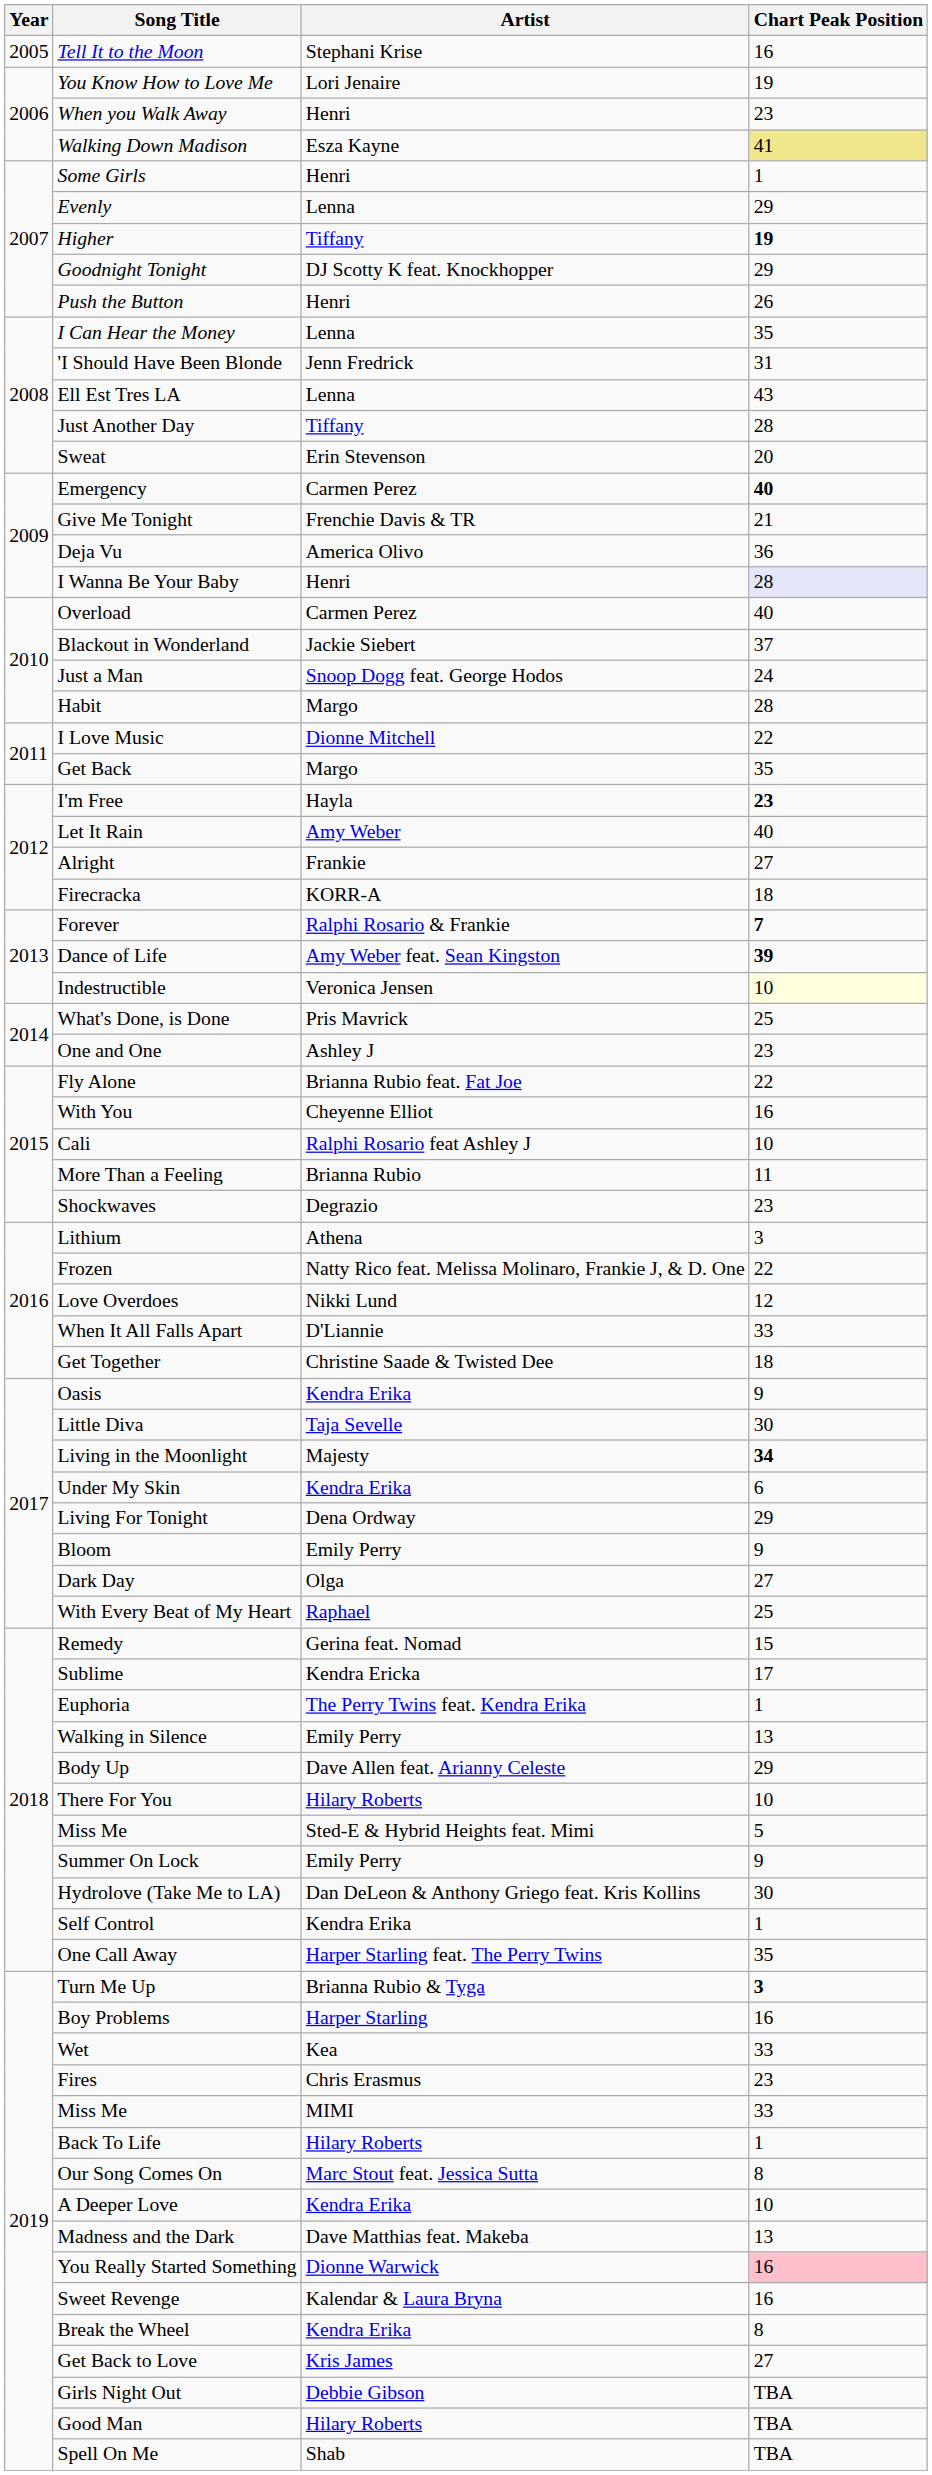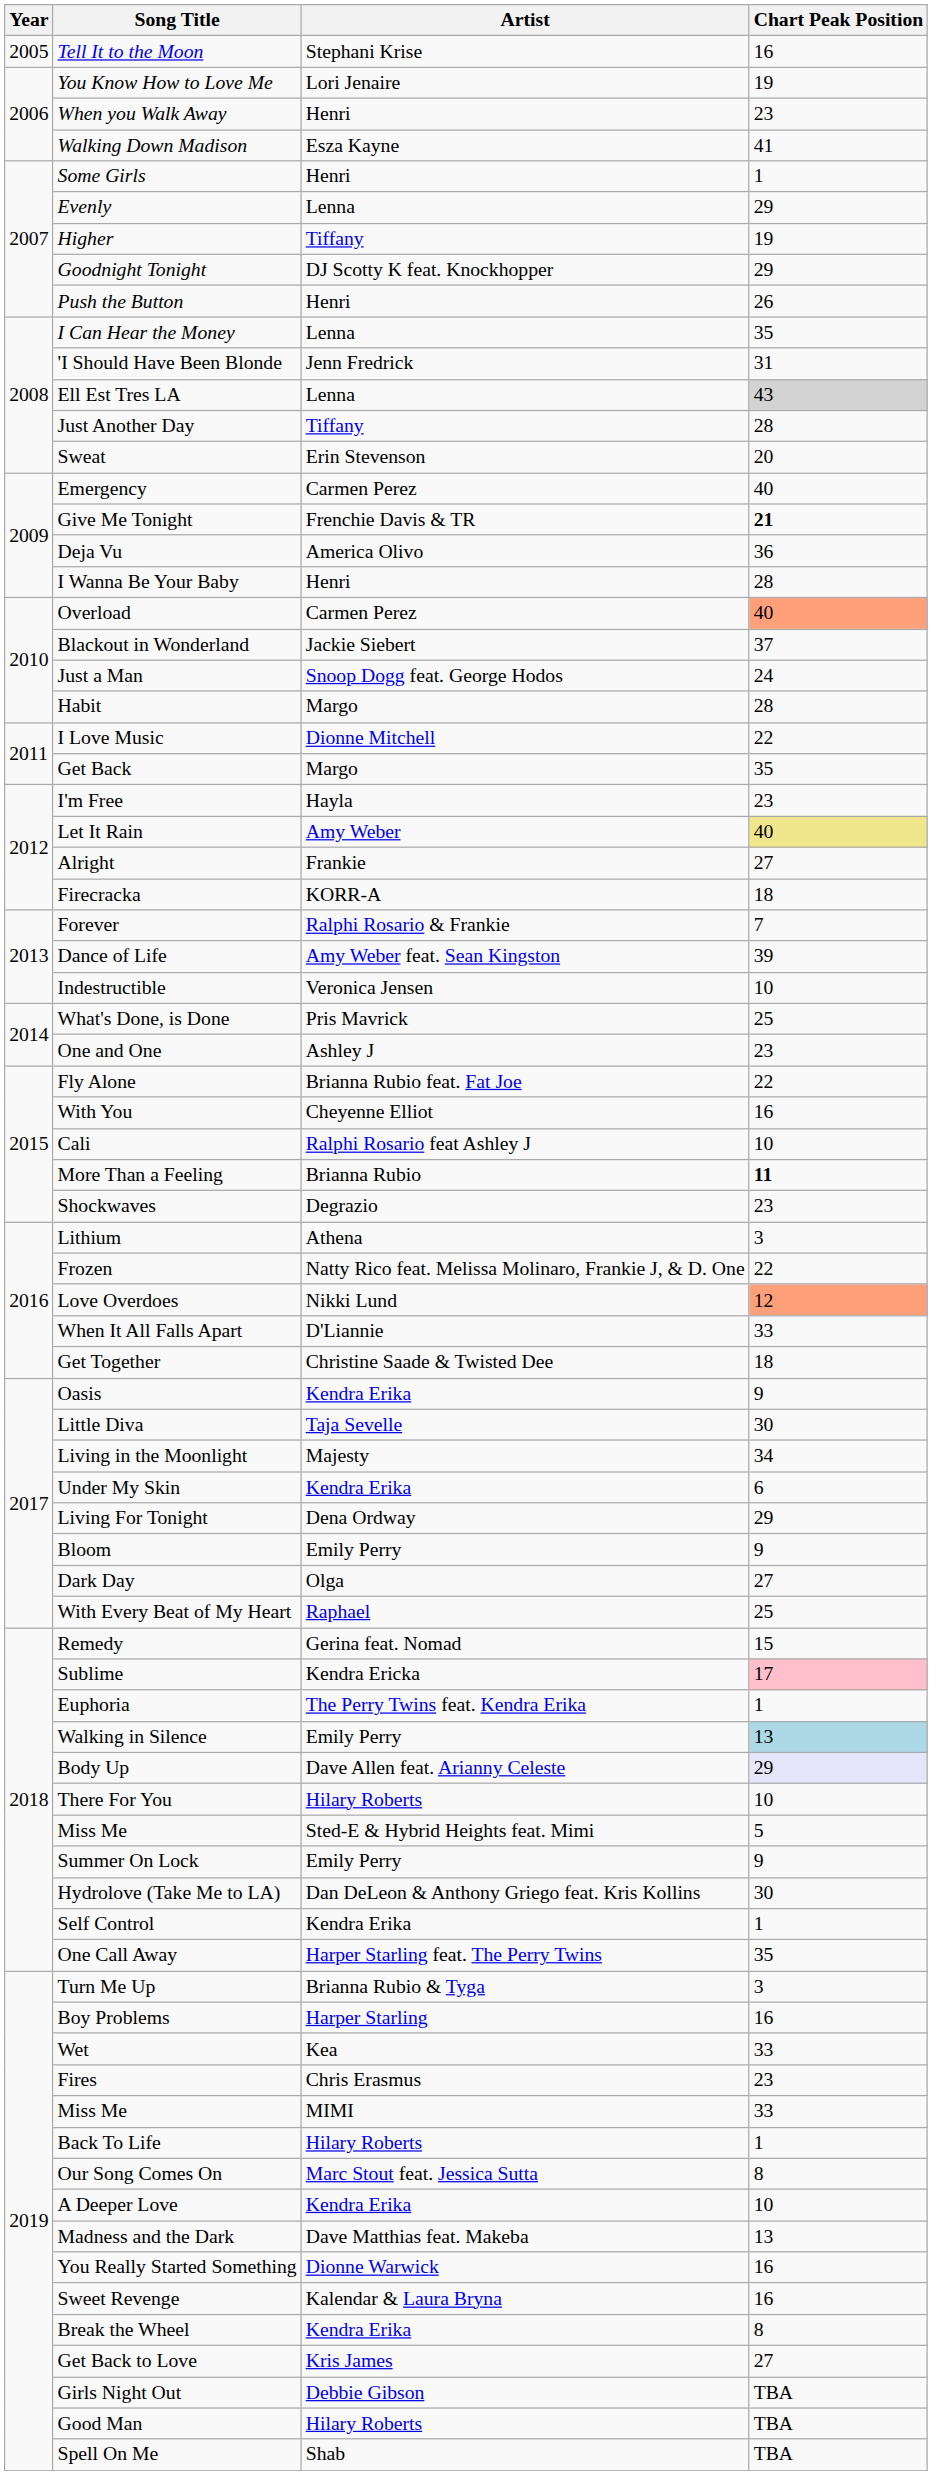 <table class="wikitable sortable">
 <tr>
 <th>Year</th>
 <th>Song Title</th>
 <th>Artist</th>
 <th>Chart Peak Position</th>
 </tr>
 <tr>
 <td>2005</td>
 <td><em><a href='#'>Tell It to the Moon</a></em></td>
 <td>Stephani Krise</td>
 <td>16</td>
 </tr>
 <tr>
 <td rowspan="3">2006</td>
 <td><em> You Know How to Love Me </em></td>
 <td>Lori Jenaire</td>
 <td>19</td>
 </tr>
 <tr>
 <td><em> When you Walk Away</em></td>
 <td>Henri</td>
 <td>23</td>
 </tr>
 <tr>
 <td><em>Walking Down Madison </em></td>
 <td>Esza Kayne</td>
-<td style="background: khaki;">41</td>
+<td>41</td>
 </tr>
 <tr>
 <td rowspan="5">2007</td>
 <td><em>Some Girls</em></td>
 <td>Henri</td>
 <td>1</td>
 </tr>
 <tr>
 <td><em>Evenly</em></td>
 <td>Lenna</td>
 <td>29</td>
 </tr>
 <tr>
 <td><em>Higher</em></td>
 <td><a href='#'>Tiffany</a></td>
-<td><strong>19</strong></td>
+<td>19</td>
 </tr>
 <tr>
 <td><em>Goodnight Tonight</em></td>
 <td>DJ Scotty K feat. Knockhopper</td>
 <td>29</td>
 </tr>
 <tr>
 <td><em>Push the Button</em></td>
 <td>Henri</td>
 <td>26</td>
 </tr>
 <tr>
 <td rowspan="5">2008</td>
 <td><em>I Can Hear the Money</em></td>
 <td>Lenna</td>
 <td>35</td>
 </tr>
 <tr>
 <td>'I Should Have Been Blonde<em></td>
 <td>Jenn Fredrick</td>
 <td>31</td>
 </tr>
 <tr>
 <td></em>Ell Est Tres LA<em></td>
 <td>Lenna</td>
-<td>43</td>
+<td style="background: lightgrey;">43</td>
 </tr>
 <tr>
 <td></em>Just Another Day<em></td>
 <td><a href='#'>Tiffany</a></td>
 <td>28</td>
 </tr>
 <tr>
 <td></em>Sweat<em></td>
 <td>Erin Stevenson</td>
 <td>20</td>
 </tr>
 <tr>
 <td rowspan="4">2009</td>
 <td></em>Emergency<em></td>
 <td>Carmen Perez</td>
-<td><strong>40</strong></td>
+<td>40</td>
 </tr>
 <tr>
 <td></em>Give Me Tonight<em></td>
 <td>Frenchie Davis & TR</td>
-<td>21</td>
+<td><strong>21</strong></td>
 </tr>
 <tr>
 <td></em>Deja Vu<em></td>
 <td>America Olivo</td>
 <td>36</td>
 </tr>
 <tr>
 <td></em>I Wanna Be Your Baby<em></td>
 <td>Henri</td>
-<td style="background: lavender;">28</td>
+<td>28</td>
 </tr>
 <tr>
 <td rowspan="4">2010</td>
 <td></em>Overload<em></td>
 <td>Carmen Perez</td>
-<td>40</td>
+<td style="background: lightsalmon;">40</td>
 </tr>
 <tr>
 <td></em>Blackout in Wonderland<em></td>
 <td>Jackie Siebert</td>
 <td>37</td>
 </tr>
 <tr>
 <td></em>Just a Man<em></td>
 <td><a href='#'>Snoop Dogg</a> feat. George Hodos</td>
 <td>24</td>
 </tr>
 <tr>
 <td></em>Habit<em></td>
 <td>Margo</td>
 <td>28</td>
 </tr>
 <tr>
 <td rowspan="2">2011</td>
 <td></em>I Love Music<em></td>
 <td><a href='#'>Dionne Mitchell</a></td>
 <td>22</td>
 </tr>
 <tr>
 <td></em>Get Back<em></td>
 <td>Margo</td>
 <td>35</td>
 </tr>
 <tr>
 <td rowspan="4">2012</td>
 <td></em>I'm Free<em></td>
 <td>Hayla</td>
-<td><strong>23</strong></td>
+<td>23</td>
 </tr>
 <tr>
 <td></em>Let It Rain<em></td>
 <td><a href='#'>Amy Weber</a></td>
-<td>40</td>
+<td style="background: khaki;">40</td>
 </tr>
 <tr>
 <td></em>Alright<em></td>
 <td>Frankie</td>
 <td>27</td>
 </tr>
 <tr>
 <td></em>Firecracka<em></td>
 <td>KORR-A</td>
 <td>18</td>
 </tr>
 <tr>
 <td rowspan="3">2013</td>
 <td></em>Forever<em></td>
 <td><a href='#'>Ralphi Rosario</a> & Frankie</td>
-<td><strong>7</strong></td>
+<td>7</td>
 </tr>
 <tr>
 <td></em>Dance of Life<em></td>
 <td><a href='#'>Amy Weber</a> feat. <a href='#'>Sean Kingston</a></td>
-<td><strong>39</strong></td>
+<td>39</td>
 </tr>
 <tr>
 <td></em>Indestructible<em></td>
 <td>Veronica Jensen</td>
-<td style="background: lightyellow;">10</td>
+<td>10</td>
 </tr>
 <tr>
 <td rowspan="2">2014</td>
 <td></em>What's Done, is Done<em></td>
 <td>Pris Mavrick</td>
 <td>25</td>
 </tr>
 <tr>
 <td></em>One and One<em></td>
 <td>Ashley J</td>
 <td>23</td>
 </tr>
 <tr>
 <td rowspan="5">2015</td>
 <td></em>Fly Alone<em></td>
 <td>Brianna Rubio feat. <a href='#'>Fat Joe</a></td>
 <td>22</td>
 </tr>
 <tr>
 <td></em>With You<em></td>
 <td>Cheyenne Elliot</td>
 <td>16</td>
 </tr>
 <tr>
 <td></em>Cali<em></td>
 <td><a href='#'>Ralphi Rosario</a> feat Ashley J</td>
 <td>10</td>
 </tr>
 <tr>
 <td></em>More Than a Feeling<em></td>
 <td>Brianna Rubio</td>
-<td>11</td>
+<td><strong>11</strong></td>
 </tr>
 <tr>
 <td></em>Shockwaves<em></td>
 <td>Degrazio</td>
 <td>23</td>
 </tr>
 <tr>
 <td rowspan="5">2016</td>
 <td></em>Lithium<em></td>
 <td>Athena</td>
 <td>3</td>
 </tr>
 <tr>
 <td></em>Frozen<em></td>
 <td>Natty Rico feat. Melissa Molinaro, Frankie J, & D. One</td>
 <td>22</td>
 </tr>
 <tr>
 <td></em>Love Overdoes<em></td>
 <td>Nikki Lund</td>
-<td>12</td>
+<td style="background: lightsalmon;">12</td>
 </tr>
 <tr>
 <td></em>When It All Falls Apart<em></td>
 <td>D'Liannie</td>
 <td>33</td>
 </tr>
 <tr>
 <td></em>Get Together<em></td>
 <td>Christine Saade & Twisted Dee</td>
 <td>18</td>
 </tr>
 <tr>
 <td rowspan="8">2017</td>
 <td></em>Oasis<em></td>
 <td><a href='#'>Kendra Erika</a></td>
 <td>9</td>
 </tr>
 <tr>
 <td></em>Little Diva<em></td>
 <td><a href='#'>Taja Sevelle</a></td>
 <td>30</td>
 </tr>
 <tr>
 <td></em>Living in the Moonlight<em></td>
 <td>Majesty</td>
-<td><strong>34</strong></td>
+<td>34</td>
 </tr>
 <tr>
 <td></em>Under My Skin<em></td>
 <td><a href='#'>Kendra Erika</a></td>
 <td>6</td>
 </tr>
 <tr>
 <td></em>Living For Tonight<em></td>
 <td>Dena Ordway</td>
 <td>29</td>
 </tr>
 <tr>
 <td></em>Bloom<em></td>
 <td>Emily Perry</td>
 <td>9</td>
 </tr>
 <tr>
 <td></em>Dark Day<em></td>
 <td>Olga</td>
 <td>27</td>
 </tr>
 <tr>
 <td></em>With Every Beat of My Heart<em></td>
 <td><a href='#'>Raphael</a></td>
 <td>25</td>
 </tr>
 <tr>
 <td rowspan="11">2018</td>
 <td></em>Remedy<em></td>
 <td>Gerina feat. Nomad</td>
 <td>15</td>
 </tr>
 <tr>
 <td></em>Sublime<em></td>
 <td>Kendra Ericka</td>
-<td>17</td>
+<td style="background: pink;">17</td>
 </tr>
 <tr>
 <td></em>Euphoria<em></td>
 <td><a href='#'>The Perry Twins</a> feat. <a href='#'>Kendra Erika</a></td>
 <td>1</td>
 </tr>
 <tr>
 <td></em>Walking in Silence<em></td>
 <td>Emily Perry</td>
-<td>13</td>
+<td style="background: lightblue;">13</td>
 </tr>
 <tr>
 <td></em>Body Up<em></td>
 <td>Dave Allen feat. <a href='#'>Arianny Celeste</a></td>
-<td>29</td>
+<td style="background: lavender;">29</td>
 </tr>
 <tr>
 <td></em>There For You<em></td>
 <td><a href='#'>Hilary Roberts</a></td>
 <td>10</td>
 </tr>
 <tr>
 <td></em>Miss Me<em></td>
 <td>Sted-E & Hybrid Heights feat. Mimi</td>
 <td>5</td>
 </tr>
 <tr>
 <td></em>Summer On Lock<em></td>
 <td>Emily Perry</td>
 <td>9</td>
 </tr>
 <tr>
 <td></em>Hydrolove (Take Me to LA)<em></td>
 <td>Dan DeLeon & Anthony Griego feat. Kris Kollins</td>
 <td>30</td>
 </tr>
 <tr>
 <td></em>Self Control<em></td>
 <td>Kendra Erika</td>
 <td>1</td>
 </tr>
 <tr>
 <td></em>One Call Away<em></td>
 <td><a href='#'>Harper Starling</a> feat. <a href='#'>The Perry Twins</a></td>
 <td>35</td>
 </tr>
 <tr>
 <td rowspan="16">2019</td>
 <td></em>Turn Me Up<em></td>
 <td>Brianna Rubio & <a href='#'>Tyga</a></td>
-<td><strong>3</strong></td>
+<td>3</td>
 </tr>
 <tr>
 <td></em>Boy Problems<em></td>
 <td><a href='#'>Harper Starling</a></td>
 <td>16</td>
 </tr>
 <tr>
 <td></em>Wet<em></td>
 <td>Kea</td>
 <td>33</td>
 </tr>
 <tr>
 <td></em>Fires<em></td>
 <td>Chris Erasmus</td>
 <td>23</td>
 </tr>
 <tr>
 <td></em>Miss Me<em></td>
 <td>MIMI</td>
 <td>33</td>
 </tr>
 <tr>
 <td></em>Back To Life<em></td>
 <td><a href='#'>Hilary Roberts</a></td>
 <td>1</td>
 </tr>
 <tr>
 <td></em>Our Song Comes On<em></td>
 <td><a href='#'>Marc Stout</a> feat. <a href='#'>Jessica Sutta</a></td>
 <td>8</td>
 </tr>
 <tr>
 <td></em>A Deeper Love<em></td>
 <td><a href='#'>Kendra Erika</a></td>
 <td>10</td>
 </tr>
 <tr>
 <td></em>Madness and the Dark<em></td>
 <td>Dave Matthias feat. Makeba</td>
 <td>13</td>
 </tr>
 <tr>
 <td></em>You Really Started Something<em></td>
 <td><a href='#'>Dionne Warwick</a></td>
-<td style="background: pink;">16</td>
+<td>16</td>
 </tr>
 <tr>
 <td></em>Sweet Revenge<em></td>
 <td>Kalendar & <a href='#'>Laura Bryna</a></td>
 <td>16</td>
 </tr>
 <tr>
 <td></em>Break the Wheel<em></td>
 <td><a href='#'>Kendra Erika</a></td>
 <td>8</td>
 </tr>
 <tr>
 <td></em>Get Back to Love<em></td>
 <td><a href='#'>Kris James</a></td>
 <td>27</td>
 </tr>
 <tr>
 <td></em>Girls Night Out<em></td>
 <td><a href='#'>Debbie Gibson</a></td>
 <td>TBA</td>
 </tr>
 <tr>
 <td></em>Good Man<em></td>
 <td><a href='#'>Hilary Roberts</a></td>
 <td>TBA</td>
 </tr>
 <tr>
 <td></em>Spell On Me<em></td>
 <td>Shab</td>
 <td>TBA</td>
 </tr>
 </table>
